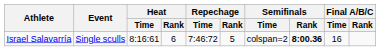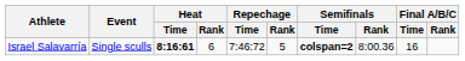 <table class=wikitable style=font-size:90%;text-align:center>
 <tr>
 <th rowspan=2>Athlete</th>
 <th rowspan=2>Event</th>
 <th colspan=2>Heat</th>
 <th colspan=2>Repechage</th>
 <th colspan=2>Semifinals</th>
 <th colspan=2>Final A/B/C</th>
 </tr>
 <tr style=font-size:95%>
 <th>Time</th>
 <th>Rank</th>
 <th>Time</th>
 <th>Rank</th>
 <th>Time</th>
 <th>Rank</th>
 <th>Time</th>
 <th>Rank</th>
 </tr>
 <tr align=center>
 <td align=left><a href='#'>Israel Salavarría</a></td>
 <td align=left><a href='#'>Single sculls</a></td>
-<td>8:16:61</td>
+<td><strong>8:16:61</strong></td>
 <td>6 <strong></strong></td>
 <td>7:46:72</td>
 <td>5 <strong></strong></td>
-<td>colspan=2 </td>
-<td><strong>8:00.36</strong></td>
+<td><strong>colspan=2 </strong></td>
+<td>8:00.36</td>
 <td>16</td>
 </tr>
 </table>
